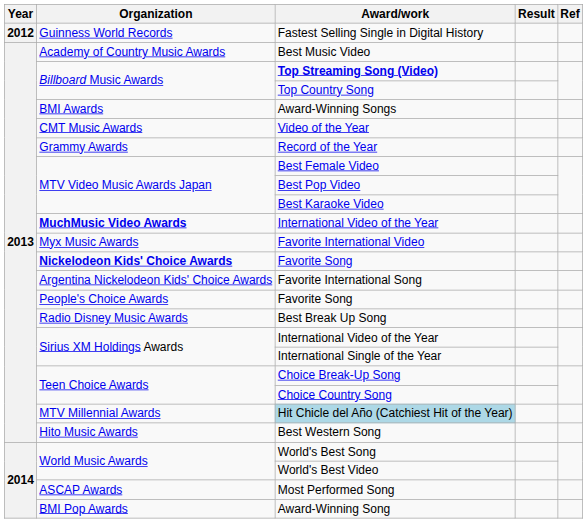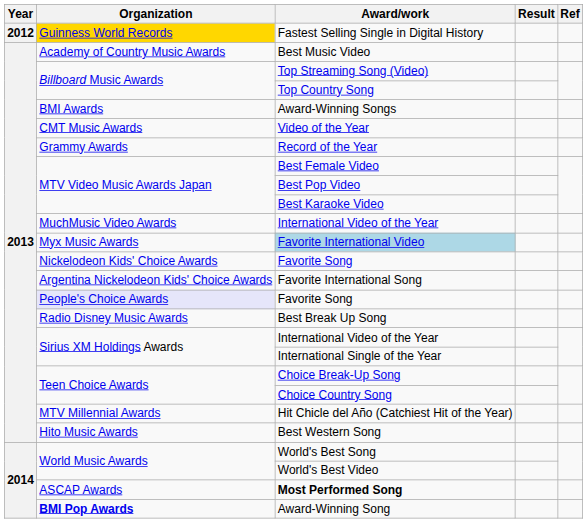 <table class="wikitable">
 <tr>
 <th>Year</th>
 <th>Organization</th>
 <th>Award/work</th>
 <th>Result</th>
 <th>Ref</th>
 </tr>
 <tr>
 <th scope="row" rowspan="1">2012</th>
-<td><a href='#'>Guinness World Records</a></td>
+<td style="background: gold;"><a href='#'>Guinness World Records</a></td>
 <td>Fastest Selling Single in Digital History</td>
 <td></td>
 <td></td>
 </tr>
 <tr>
 <th scope="row" rowspan="21">2013</th>
 <td><a href='#'>Academy of Country Music Awards</a></td>
 <td>Best Music Video</td>
 <td></td>
 <td style="text-align:center;"></td>
 </tr>
 <tr>
 <td rowspan=2><a href='#'><em>Billboard</em> Music Awards</a></td>
-<td><strong><a href='#'>Top Streaming Song (Video)</a></strong></td>
+<td><a href='#'>Top Streaming Song (Video)</a></td>
 <td></td>
 <td rowspan="2" style="text-align:center;"></td>
 </tr>
 <tr>
 <td><a href='#'>Top Country Song</a></td>
 <td></td>
 </tr>
 <tr>
 <td><a href='#'>BMI Awards</a></td>
 <td>Award-Winning Songs</td>
 <td></td>
 <td style="text-align:center;"></td>
 </tr>
 <tr>
 <td><a href='#'>CMT Music Awards</a></td>
 <td><a href='#'>Video of the Year</a></td>
 <td></td>
 <td></td>
 </tr>
 <tr>
 <td><a href='#'>Grammy Awards</a></td>
 <td><a href='#'>Record of the Year</a></td>
 <td></td>
 <td></td>
 </tr>
 <tr>
 <td rowspan=3><a href='#'>MTV Video Music Awards Japan</a></td>
 <td><a href='#'>Best Female Video</a></td>
 <td></td>
 <td rowspan="3" style="text-align:center;"></td>
 </tr>
 <tr>
 <td><a href='#'>Best Pop Video</a></td>
 <td></td>
 </tr>
 <tr>
 <td><a href='#'>Best Karaoke Video</a></td>
 <td></td>
 </tr>
 <tr>
-<td><strong><a href='#'>MuchMusic Video Awards</a></strong></td>
+<td><a href='#'>MuchMusic Video Awards</a></td>
 <td><a href='#'>International Video of the Year</a></td>
 <td></td>
 <td></td>
 </tr>
 <tr>
 <td><a href='#'>Myx Music Awards</a></td>
-<td><a href='#'>Favorite International Video</a></td>
+<td style="background: lightblue;"><a href='#'>Favorite International Video</a></td>
 <td></td>
 <td></td>
 </tr>
 <tr>
-<td><strong><a href='#'>Nickelodeon Kids' Choice Awards</a></strong></td>
+<td><a href='#'>Nickelodeon Kids' Choice Awards</a></td>
 <td><a href='#'>Favorite Song</a></td>
 <td></td>
 <td></td>
 </tr>
 <tr>
 <td><a href='#'>Argentina Nickelodeon Kids' Choice Awards</a></td>
 <td>Favorite International Song</td>
 <td></td>
 <td></td>
 </tr>
 <tr>
-<td><a href='#'>People's Choice Awards</a></td>
+<td style="background: lavender;"><a href='#'>People's Choice Awards</a></td>
 <td>Favorite Song</td>
 <td></td>
 <td></td>
 </tr>
 <tr>
 <td><a href='#'>Radio Disney Music Awards</a></td>
 <td>Best Break Up Song</td>
 <td></td>
 <td><br></td>
 </tr>
 <tr>
 <td rowspan=2><a href='#'>Sirius XM Holdings</a> Awards</td>
 <td>International Video of the Year</td>
 <td></td>
 <td rowspan="2"></td>
 </tr>
 <tr>
 <td>International Single of the Year</td>
 <td></td>
 </tr>
 <tr>
 <td rowspan=2><a href='#'>Teen Choice Awards</a></td>
 <td><a href='#'>Choice Break-Up Song</a></td>
 <td></td>
 <td rowspan="2" style="text-align:center;"></td>
 </tr>
 <tr>
 <td><a href='#'>Choice Country Song</a></td>
 <td></td>
 </tr>
 <tr>
 <td><a href='#'>MTV Millennial Awards</a></td>
-<td style="background: lightblue;">Hit Chicle del Año (Catchiest Hit of the Year)</td>
+<td>Hit Chicle del Año (Catchiest Hit of the Year)</td>
 <td></td>
 <td></td>
 </tr>
 <tr>
 <td><a href='#'>Hito Music Awards</a></td>
 <td>Best Western Song</td>
 <td></td>
 <td style="text-align:center;"></td>
 </tr>
 <tr>
 <th scope="row" rowspan="4">2014</th>
 <td rowspan=2><a href='#'>World Music Awards</a></td>
 <td>World's Best Song</td>
 <td></td>
 <td rowspan="2" style="text-align:center;"></td>
 </tr>
 <tr>
 <td>World's Best Video</td>
 <td></td>
 </tr>
 <tr>
 <td><a href='#'>ASCAP Awards</a></td>
-<td>Most Performed Song</td>
+<td><strong>Most Performed Song</strong></td>
 <td></td>
 <td></td>
 </tr>
 <tr>
-<td><a href='#'>BMI Pop Awards</a></td>
+<td><strong><a href='#'>BMI Pop Awards</a></strong></td>
 <td>Award-Winning Song</td>
 <td></td>
 <td></td>
 </tr>
 </table>
